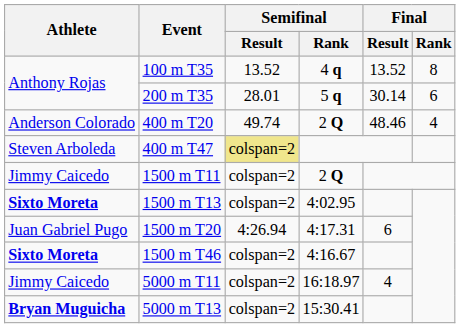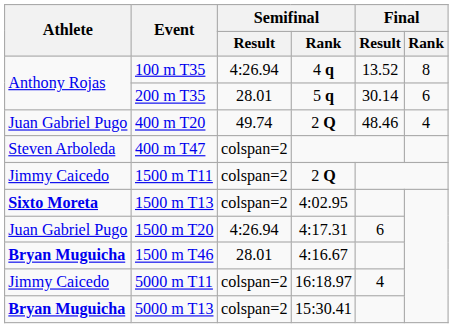 <table class="wikitable" style="font-size:90%">
 <tr>
 <th rowspan="2">Athlete</th>
 <th rowspan="2">Event</th>
 <th colspan="2">Semifinal</th>
 <th colspan="2">Final</th>
 </tr>
 <tr style="font-size:95%">
 <th>Result</th>
 <th>Rank</th>
 <th>Result</th>
 <th>Rank</th>
 </tr>
 <tr align=center>
 <td align=left rowspan=2><a href='#'>Anthony Rojas</a></td>
 <td align=left><a href='#'>100 m T35</a></td>
-<td>13.52</td>
+<td>4:26.94</td>
 <td>4 <strong>q</strong></td>
 <td>13.52</td>
 <td>8</td>
 </tr>
 <tr align=center>
 <td align=left><a href='#'>200 m T35</a></td>
 <td>28.01</td>
 <td>5 <strong>q</strong></td>
 <td>30.14</td>
 <td>6</td>
 </tr>
 <tr align=center>
-<td align=left><a href='#'>Anderson Colorado</a></td>
+<td align=left><a href='#'>Juan Gabriel Pugo</a></td>
 <td align=left><a href='#'>400 m T20</a></td>
 <td>49.74</td>
 <td>2 <strong>Q</strong></td>
 <td>48.46</td>
 <td>4</td>
 </tr>
 <tr align=center>
 <td align=left><a href='#'>Steven Arboleda</a></td>
 <td align=left><a href='#'>400 m T47</a></td>
-<td style="background: khaki;">colspan=2 </td>
+<td>colspan=2 </td>
 <td colspan=2></td>
 </tr>
 <tr align=center>
 <td align=left><a href='#'>Jimmy Caicedo</a></td>
 <td align=left><a href='#'>1500 m T11</a></td>
 <td>colspan=2 </td>
 <td>2 <strong>Q</strong></td>
 <td colspan=2></td>
 </tr>
 <tr align=center>
 <td align=left><strong><a href='#'>Sixto Moreta</a></strong></td>
 <td align=left><a href='#'>1500 m T13</a></td>
 <td>colspan=2 </td>
 <td>4:02.95</td>
 <td></td>
 </tr>
 <tr align=center>
 <td align=left><a href='#'>Juan Gabriel Pugo</a></td>
 <td align=left><a href='#'>1500 m T20</a></td>
 <td>4:26.94</td>
 <td>4:17.31</td>
 <td>6</td>
 </tr>
 <tr align=center>
-<td align=left><strong><a href='#'>Sixto Moreta</a></strong></td>
+<td align=left><strong><a href='#'>Bryan Muguicha</a></strong></td>
 <td align=left><a href='#'>1500 m T46</a></td>
-<td>colspan=2 </td>
+<td>28.01</td>
 <td>4:16.67</td>
 <td></td>
 </tr>
 <tr align=center>
 <td align=left><a href='#'>Jimmy Caicedo</a></td>
 <td align=left><a href='#'>5000 m T11</a></td>
 <td>colspan=2 </td>
 <td>16:18.97</td>
 <td>4</td>
 </tr>
 <tr align=center>
 <td align=left><strong><a href='#'>Bryan Muguicha</a></strong></td>
 <td align=left><a href='#'>5000 m T13</a></td>
 <td>colspan=2 </td>
 <td>15:30.41</td>
 <td></td>
 </tr>
 </table>
